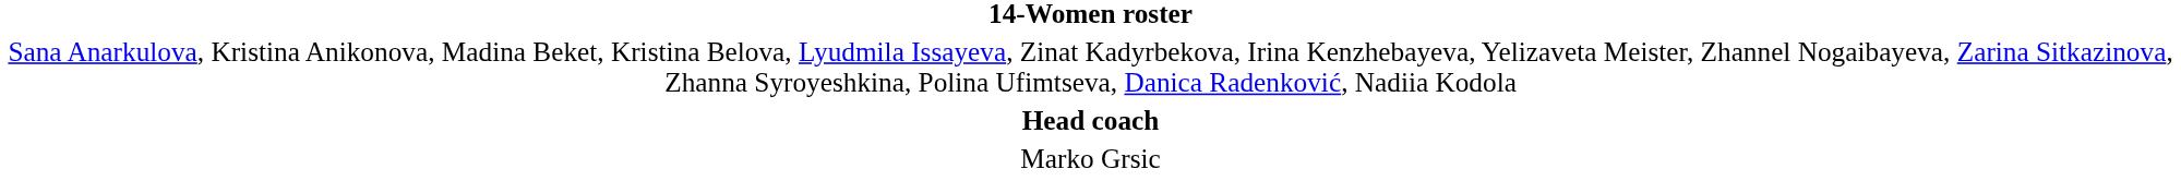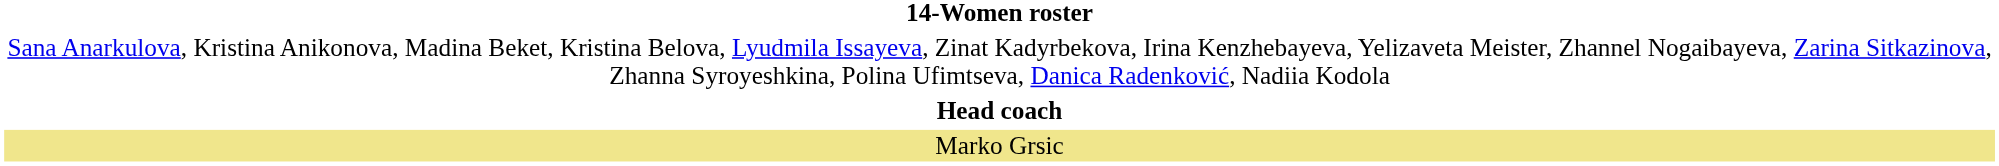 <table style="text-align:center; margin-top:2em; margin-left:auto; margin-right:auto">
 <tr>
 <td><strong>14-Women roster</strong></td>
 </tr>
 <tr>
 <td><a href='#'>Sana Anarkulova</a>, Kristina Anikonova, Madina Beket,  Kristina Belova, <a href='#'>Lyudmila Issayeva</a>, Zinat Kadyrbekova, Irina Kenzhebayeva, Yelizaveta Meister, Zhannel Nogaibayeva, <a href='#'>Zarina Sitkazinova</a>, Zhanna Syroyeshkina, Polina Ufimtseva, <a href='#'>Danica Radenković</a>, Nadiia Kodola</td>
 </tr>
 <tr>
 <td><strong>Head coach</strong></td>
 </tr>
 <tr>
-<td> Marko Grsic</td>
+<td style="background: khaki;"> Marko Grsic</td>
 </tr>
 </table>
